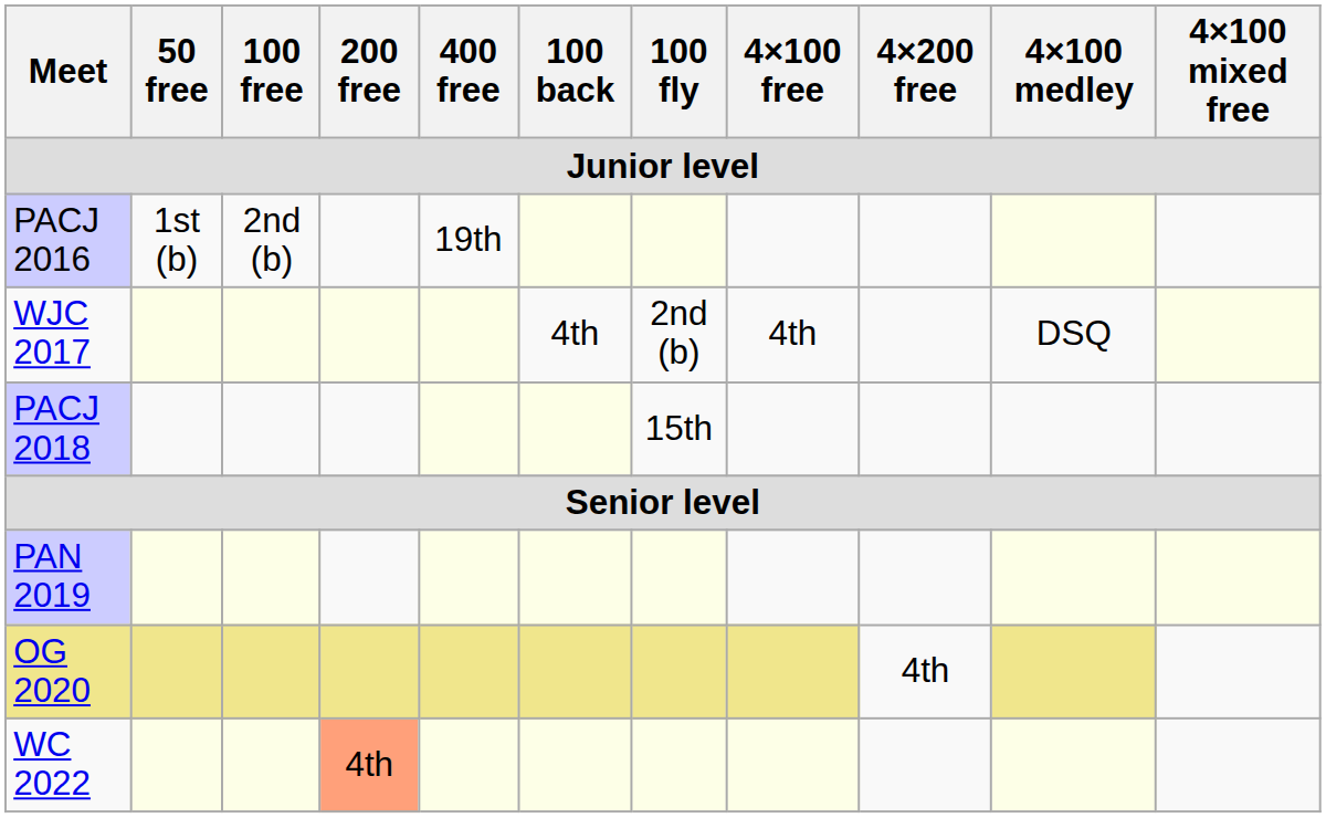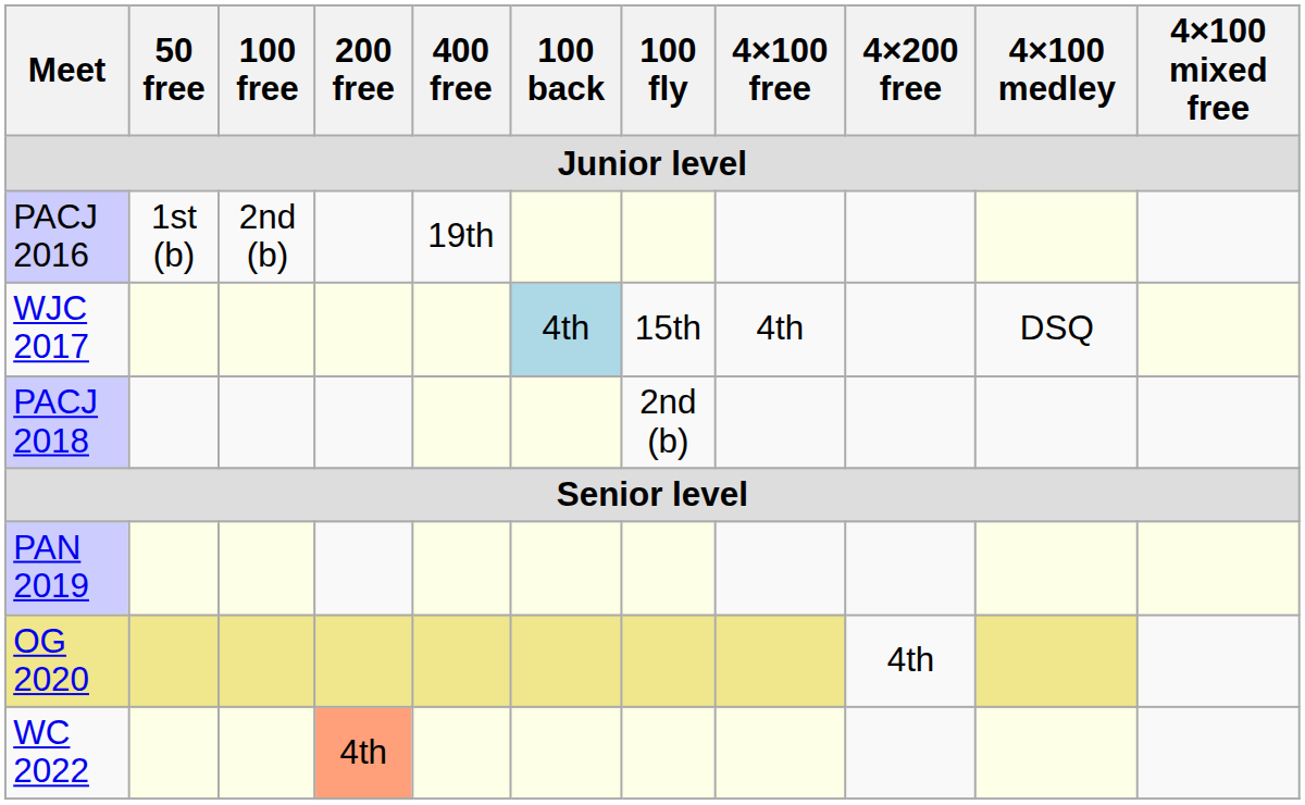 <table class="sortable wikitable">
 <tr>
 <th>Meet</th>
 <th class="unsortable">50 free</th>
 <th class="unsortable">100 free</th>
 <th class="unsortable">200 free</th>
 <th class="unsortable">400 free</th>
 <th class="unsortable">100 back</th>
 <th class="unsortable">100 fly</th>
 <th class="unsortable">4×100 free</th>
 <th class="unsortable">4×200 free</th>
 <th class="unsortable">4×100 medley</th>
 <th class="unsortable">4×100 mixed free</th>
 </tr>
 <tr bgcolor="#DDDDDD">
 <td colspan="11" align="center"><strong>Junior level</strong></td>
 </tr>
 <tr>
 <td style="background:#ccccff">PACJ 2016</td>
 <td align="center">1st (b)</td>
 <td align="center">2nd (b)</td>
 <td align="center"></td>
 <td align="center">19th</td>
 <td style="background:#fdffe7"></td>
 <td style="background:#fdffe7"></td>
 <td align="center"></td>
 <td align="center"></td>
 <td style="background:#fdffe7"></td>
 <td></td>
 </tr>
 <tr>
 <td><a href='#'>WJC 2017</a></td>
 <td style="background:#fdffe7"></td>
 <td style="background:#fdffe7"></td>
 <td style="background:#fdffe7"></td>
 <td style="background:#fdffe7"></td>
-<td align="center">4th</td>
-<td align="center">2nd (b)</td>
+<td align="center" style="background: lightblue;">4th</td>
+<td align="center">15th</td>
 <td align="center">4th</td>
 <td align="center"></td>
 <td align="center">DSQ</td>
 <td style="background:#fdffe7"></td>
 </tr>
 <tr>
 <td style="background:#ccccff"><a href='#'>PACJ 2018</a></td>
 <td align="center"></td>
 <td align="center"></td>
 <td align="center"></td>
 <td style="background:#fdffe7"></td>
 <td style="background:#fdffe7"></td>
-<td align="center">15th</td>
+<td align="center">2nd (b)</td>
 <td align="center"></td>
 <td align="center"></td>
 <td align="center"></td>
 <td></td>
 </tr>
 <tr bgcolor="#DDDDDD">
 <td colspan="11" align="center"><strong>Senior level</strong></td>
 </tr>
 <tr>
 <td style="background:#ccccff"><a href='#'>PAN 2019</a></td>
 <td style="background:#fdffe7"></td>
 <td style="background:#fdffe7"></td>
 <td align="center"></td>
 <td style="background:#fdffe7"></td>
 <td style="background:#fdffe7"></td>
 <td style="background:#fdffe7"></td>
 <td align="center"></td>
 <td align="center"></td>
 <td style="background:#fdffe7"></td>
 <td style="background:#fdffe7"></td>
 </tr>
 <tr>
 <td style="background:#f0e68c"><a href='#'>OG 2020</a></td>
 <td style="background:#f0e68c"></td>
 <td style="background:#f0e68c"></td>
 <td style="background:#f0e68c"></td>
 <td style="background:#f0e68c"></td>
 <td style="background:#f0e68c"></td>
 <td style="background:#f0e68c"></td>
 <td style="background:#f0e68c"></td>
 <td align="center">4th</td>
 <td style="background:#f0e68c"></td>
 <td></td>
 </tr>
 <tr>
 <td><a href='#'>WC 2022</a></td>
 <td style="background:#fdffe7"></td>
 <td style="background:#fdffe7"></td>
 <td align="center" style="background: lightsalmon;">4th</td>
 <td style="background:#fdffe7"></td>
 <td style="background:#fdffe7"></td>
 <td style="background:#fdffe7"></td>
 <td style="background:#fdffe7"></td>
 <td align="center"></td>
 <td style="background:#fdffe7"></td>
 <td align="center"></td>
 </tr>
 </table>
